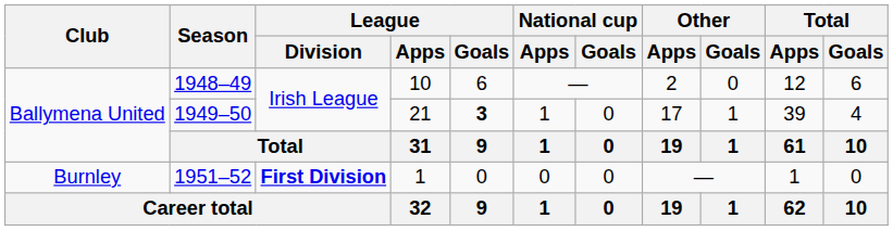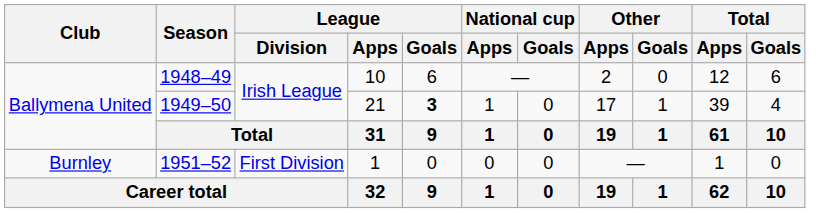 <table class="wikitable" style="text-align: center;">
 <tr>
 <th rowspan="2">Club</th>
 <th rowspan="2">Season</th>
 <th colspan="3">League</th>
 <th colspan="2">National cup</th>
 <th colspan="2">Other</th>
 <th colspan="2">Total</th>
 </tr>
 <tr>
 <th>Division</th>
 <th>Apps</th>
 <th>Goals</th>
 <th>Apps</th>
 <th>Goals</th>
 <th>Apps</th>
 <th>Goals</th>
 <th>Apps</th>
 <th>Goals</th>
 </tr>
 <tr>
 <td rowspan="3"><a href='#'>Ballymena United</a></td>
 <td><a href='#'>1948–49</a></td>
 <td rowspan="2"><a href='#'>Irish League</a></td>
 <td>10</td>
 <td>6</td>
 <td colspan="2">—</td>
 <td>2</td>
 <td>0</td>
 <td>12</td>
 <td>6</td>
 </tr>
 <tr>
 <td><a href='#'>1949–50</a></td>
 <td>21</td>
 <td><strong>3</strong></td>
 <td>1</td>
 <td>0</td>
 <td>17</td>
 <td>1</td>
 <td>39</td>
 <td>4</td>
 </tr>
 <tr>
 <th colspan="2">Total</th>
 <th>31</th>
 <th>9</th>
 <th>1</th>
 <th>0</th>
 <th>19</th>
 <th>1</th>
 <th>61</th>
 <th>10</th>
 </tr>
 <tr>
 <td><a href='#'>Burnley</a></td>
 <td><a href='#'>1951–52</a></td>
-<td><strong><a href='#'>First Division</a></strong></td>
+<td><a href='#'>First Division</a></td>
 <td>1</td>
 <td>0</td>
 <td>0</td>
 <td>0</td>
 <td colspan="2">—</td>
 <td>1</td>
 <td>0</td>
 </tr>
 <tr>
 <th colspan="3">Career total</th>
 <th>32</th>
 <th>9</th>
 <th>1</th>
 <th>0</th>
 <th>19</th>
 <th>1</th>
 <th>62</th>
 <th>10</th>
 </tr>
 </table>
